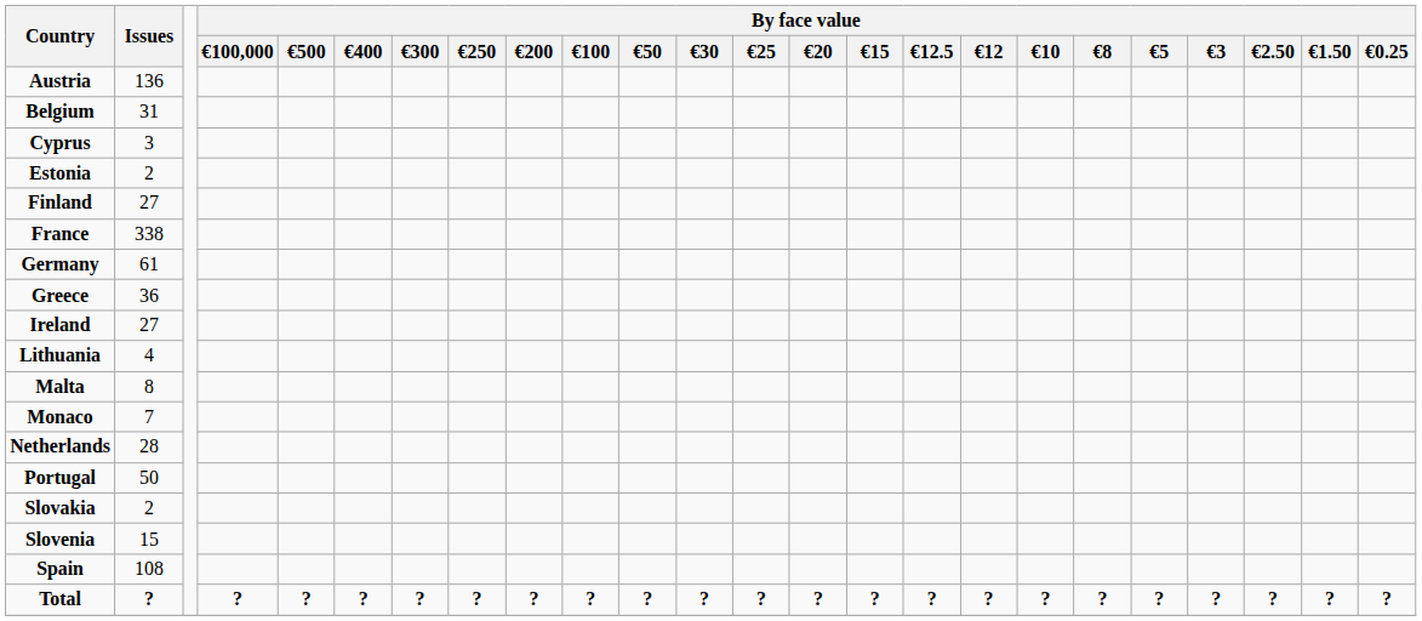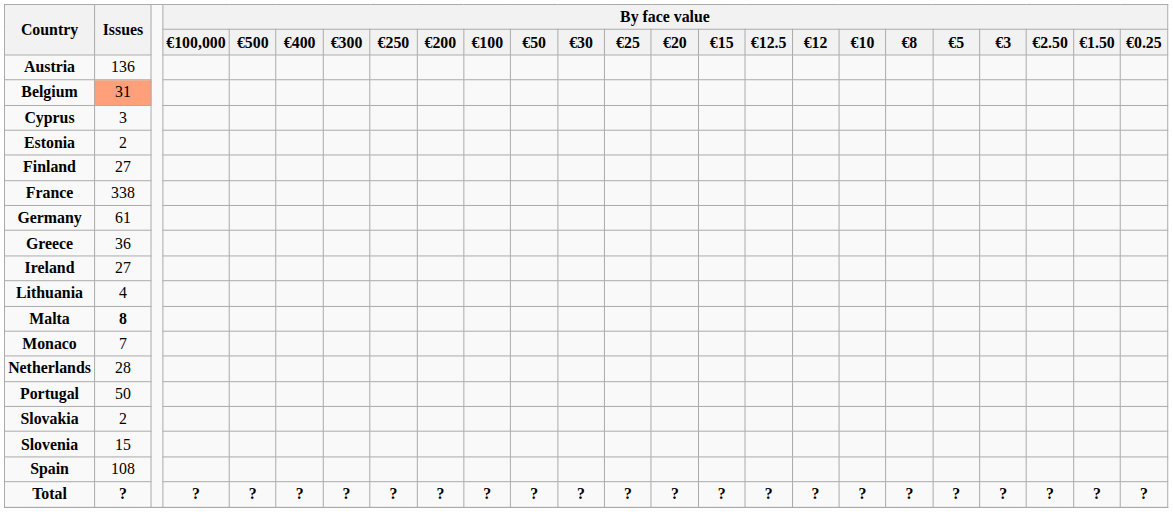 <table class="wikitable" style="text-align: center;">
 <tr>
 <th rowspan=2  width=50px>Country</th>
 <th rowspan=2  width=50px>Issues</th>
 <td rowspan=20> </td>
 <th colspan=21>By face value</th>
 </tr>
 <tr>
 <th width=50px>€100,000</th>
 <th width=40px>€500</th>
 <th width=40px>€400</th>
 <th width=40px>€300</th>
 <th width=40px>€250</th>
 <th width=40px>€200</th>
 <th width=40px>€100</th>
 <th width=40px>€50</th>
 <th width=40px>€30</th>
 <th width=40px>€25</th>
 <th width=40px>€20</th>
 <th width=40px>€15</th>
 <th width=40px>€12.5</th>
 <th width=40px>€12</th>
 <th width=40px>€10</th>
 <th width=40px>€8</th>
 <th width=40px>€5</th>
 <th width=40px>€3</th>
 <th width=40px>€2.50</th>
 <th width=40px>€1.50</th>
 <th width=40px>€0.25</th>
 </tr>
 <tr>
 <td style="text-align: center;"><strong>Austria</strong></td>
 <td>136</td>
 <td></td>
 <td></td>
 <td></td>
 <td></td>
 <td></td>
 <td></td>
 <td></td>
 <td></td>
 <td></td>
 <td></td>
 <td></td>
 <td></td>
 <td></td>
 <td></td>
 <td></td>
 <td></td>
 <td></td>
 <td></td>
 <td></td>
 <td></td>
 <td></td>
 </tr>
 <tr>
 <td style="text-align: center;"><strong>Belgium</strong></td>
-<td>31</td>
+<td style="background: lightsalmon;">31</td>
 <td></td>
 <td></td>
 <td></td>
 <td></td>
 <td></td>
 <td></td>
 <td></td>
 <td></td>
 <td></td>
 <td></td>
 <td></td>
 <td></td>
 <td></td>
 <td></td>
 <td></td>
 <td></td>
 <td></td>
 <td></td>
 <td></td>
 <td></td>
 <td></td>
 </tr>
 <tr>
 <td style="text-align: center;"><strong>Cyprus</strong></td>
 <td>3</td>
 <td></td>
 <td></td>
 <td></td>
 <td></td>
 <td></td>
 <td></td>
 <td></td>
 <td></td>
 <td></td>
 <td></td>
 <td></td>
 <td></td>
 <td></td>
 <td></td>
 <td></td>
 <td></td>
 <td></td>
 <td></td>
 <td></td>
 <td></td>
 <td></td>
 </tr>
 <tr>
 <td style="text-align: center;"><strong>Estonia</strong></td>
 <td>2</td>
 <td></td>
 <td></td>
 <td></td>
 <td></td>
 <td></td>
 <td></td>
 <td></td>
 <td></td>
 <td></td>
 <td></td>
 <td></td>
 <td></td>
 <td></td>
 <td></td>
 <td></td>
 <td></td>
 <td></td>
 <td></td>
 <td></td>
 <td></td>
 <td></td>
 </tr>
 <tr>
 <td style="text-align: center;"><strong>Finland</strong></td>
 <td>27</td>
 <td></td>
 <td></td>
 <td></td>
 <td></td>
 <td></td>
 <td></td>
 <td></td>
 <td></td>
 <td></td>
 <td></td>
 <td></td>
 <td></td>
 <td></td>
 <td></td>
 <td></td>
 <td></td>
 <td></td>
 <td></td>
 <td></td>
 <td></td>
 <td></td>
 </tr>
 <tr>
 <td style="text-align: center;"><strong>France</strong></td>
 <td>338</td>
 <td></td>
 <td></td>
 <td></td>
 <td></td>
 <td></td>
 <td></td>
 <td></td>
 <td></td>
 <td></td>
 <td></td>
 <td></td>
 <td></td>
 <td></td>
 <td></td>
 <td></td>
 <td></td>
 <td></td>
 <td></td>
 <td></td>
 <td></td>
 <td></td>
 </tr>
 <tr>
 <td style="text-align: center;"><strong>Germany</strong></td>
 <td>61</td>
 <td></td>
 <td></td>
 <td></td>
 <td></td>
 <td></td>
 <td></td>
 <td></td>
 <td></td>
 <td></td>
 <td></td>
 <td></td>
 <td></td>
 <td></td>
 <td></td>
 <td></td>
 <td></td>
 <td></td>
 <td></td>
 <td></td>
 <td></td>
 <td></td>
 </tr>
 <tr>
 <td style="text-align: center;"><strong>Greece</strong></td>
 <td>36</td>
 <td></td>
 <td></td>
 <td></td>
 <td></td>
 <td></td>
 <td></td>
 <td></td>
 <td></td>
 <td></td>
 <td></td>
 <td></td>
 <td></td>
 <td></td>
 <td></td>
 <td></td>
 <td></td>
 <td></td>
 <td></td>
 <td></td>
 <td></td>
 <td></td>
 </tr>
 <tr>
 <td style="text-align: center;"><strong>Ireland</strong></td>
 <td>27</td>
 <td></td>
 <td></td>
 <td></td>
 <td></td>
 <td></td>
 <td></td>
 <td></td>
 <td></td>
 <td></td>
 <td></td>
 <td></td>
 <td></td>
 <td></td>
 <td></td>
 <td></td>
 <td></td>
 <td></td>
 <td></td>
 <td></td>
 <td></td>
 <td></td>
 </tr>
 <tr>
 <td style="text-align: center;"><strong>Lithuania</strong></td>
 <td>4</td>
 <td></td>
 <td></td>
 <td></td>
 <td></td>
 <td></td>
 <td></td>
 <td></td>
 <td></td>
 <td></td>
 <td></td>
 <td></td>
 <td></td>
 <td></td>
 <td></td>
 <td></td>
 <td></td>
 <td></td>
 <td></td>
 <td></td>
 <td></td>
 <td></td>
 </tr>
 <tr>
 <td style="text-align: center;"><strong>Malta</strong></td>
-<td>8</td>
+<td><strong>8</strong></td>
 <td></td>
 <td></td>
 <td></td>
 <td></td>
 <td></td>
 <td></td>
 <td></td>
 <td></td>
 <td></td>
 <td></td>
 <td></td>
 <td></td>
 <td></td>
 <td></td>
 <td></td>
 <td></td>
 <td></td>
 <td></td>
 <td></td>
 <td></td>
 <td></td>
 </tr>
 <tr>
 <td style="text-align: center;"><strong>Monaco</strong></td>
 <td>7</td>
 <td></td>
 <td></td>
 <td></td>
 <td></td>
 <td></td>
 <td></td>
 <td></td>
 <td></td>
 <td></td>
 <td></td>
 <td></td>
 <td></td>
 <td></td>
 <td></td>
 <td></td>
 <td></td>
 <td></td>
 <td></td>
 <td></td>
 <td></td>
 <td></td>
 </tr>
 <tr>
 <td style="text-align: center;"><strong>Netherlands</strong></td>
 <td>28</td>
 <td></td>
 <td></td>
 <td></td>
 <td></td>
 <td></td>
 <td></td>
 <td></td>
 <td></td>
 <td></td>
 <td></td>
 <td></td>
 <td></td>
 <td></td>
 <td></td>
 <td></td>
 <td></td>
 <td></td>
 <td></td>
 <td></td>
 <td></td>
 <td></td>
 </tr>
 <tr>
 <td style="text-align: center;"><strong>Portugal</strong></td>
 <td>50</td>
 <td></td>
 <td></td>
 <td></td>
 <td></td>
 <td></td>
 <td></td>
 <td></td>
 <td></td>
 <td></td>
 <td></td>
 <td></td>
 <td></td>
 <td></td>
 <td></td>
 <td></td>
 <td></td>
 <td></td>
 <td></td>
 <td></td>
 <td></td>
 <td></td>
 </tr>
 <tr>
 <td style="text-align: center;"><strong>Slovakia</strong></td>
 <td>2</td>
 <td></td>
 <td></td>
 <td></td>
 <td></td>
 <td></td>
 <td></td>
 <td></td>
 <td></td>
 <td></td>
 <td></td>
 <td></td>
 <td></td>
 <td></td>
 <td></td>
 <td></td>
 <td></td>
 <td></td>
 <td></td>
 <td></td>
 <td></td>
 <td></td>
 </tr>
 <tr>
 <td style="text-align: center;"><strong>Slovenia</strong></td>
 <td>15</td>
 <td></td>
 <td></td>
 <td></td>
 <td></td>
 <td></td>
 <td></td>
 <td></td>
 <td></td>
 <td></td>
 <td></td>
 <td></td>
 <td></td>
 <td></td>
 <td></td>
 <td></td>
 <td></td>
 <td></td>
 <td></td>
 <td></td>
 <td></td>
 <td></td>
 </tr>
 <tr>
 <td style="text-align: center;"><strong>Spain</strong></td>
 <td>108</td>
 <td></td>
 <td></td>
 <td></td>
 <td></td>
 <td></td>
 <td></td>
 <td></td>
 <td></td>
 <td></td>
 <td></td>
 <td></td>
 <td></td>
 <td></td>
 <td></td>
 <td></td>
 <td></td>
 <td></td>
 <td></td>
 <td></td>
 <td></td>
 <td></td>
 </tr>
 <tr>
 <td style="text-align: center;"><strong>Total</strong></td>
 <td><strong>?</strong></td>
 <td><strong>?</strong></td>
 <td><strong>?</strong></td>
 <td><strong>?</strong></td>
 <td><strong>?</strong></td>
 <td><strong>?</strong></td>
 <td><strong>?</strong></td>
 <td><strong>?</strong></td>
 <td><strong>?</strong></td>
 <td><strong>?</strong></td>
 <td><strong>?</strong></td>
 <td><strong>?</strong></td>
 <td><strong>?</strong></td>
 <td><strong>?</strong></td>
 <td><strong>?</strong></td>
 <td><strong>?</strong></td>
 <td><strong>?</strong></td>
 <td><strong>?</strong></td>
 <td><strong>?</strong></td>
 <td><strong>?</strong></td>
 <td><strong>?</strong></td>
 <td><strong>?</strong></td>
 </tr>
 <tr>
 </tr>
 </table>
